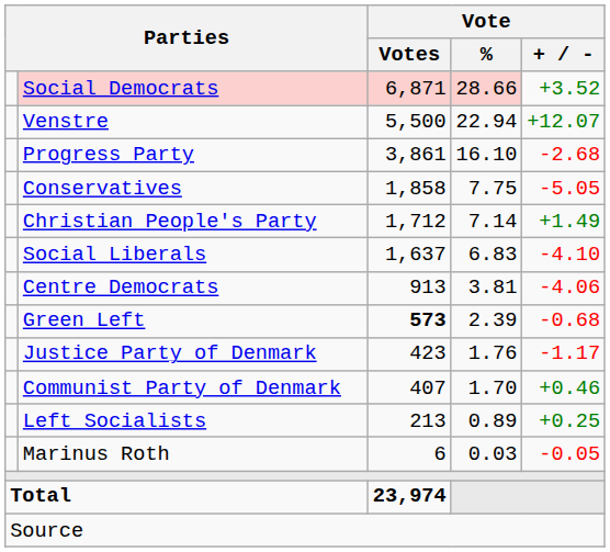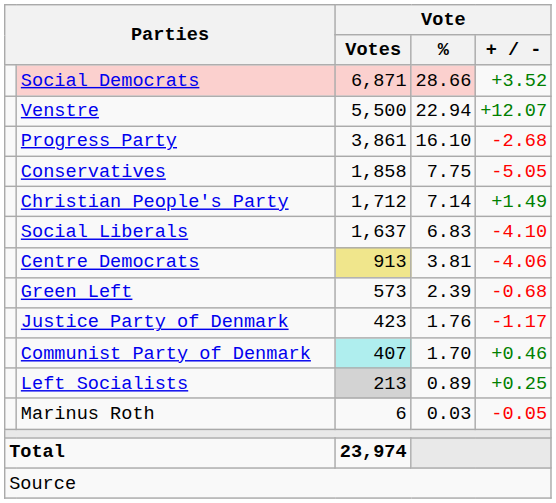 <table class="wikitable" style="text-align:right;">
 <tr>
 <th style="text-align:centre;" rowspan="2" colspan="2" width="225">Parties</th>
 <th colspan="3">Vote</th>
 </tr>
 <tr>
 <th width="15">Votes</th>
 <th width="15">%</th>
 <th width="15">+ / -</th>
 </tr>
 <tr>
 <td width="2" style="color:inherit;background:"></td>
 <td bgcolor=#fbd0ce  align="left"><a href='#'>Social Democrats</a></td>
 <td bgcolor=#fbd0ce>6,871</td>
 <td bgcolor=#fbd0ce>28.66</td>
 <td style=color:green;>+3.52</td>
 </tr>
 <tr>
 <td width="2" style="color:inherit;background:"></td>
 <td align="left"><a href='#'>Venstre</a></td>
 <td>5,500</td>
 <td>22.94</td>
 <td style=color:green;>+12.07</td>
 </tr>
 <tr>
 <td width="2" style="color:inherit;background:"></td>
 <td align="left"><a href='#'>Progress Party</a></td>
 <td>3,861</td>
 <td>16.10</td>
 <td style=color:red;>-2.68</td>
 </tr>
 <tr>
 <td width="2" style="color:inherit;background:"></td>
 <td align="left"><a href='#'>Conservatives</a></td>
 <td>1,858</td>
 <td>7.75</td>
 <td style=color:red;>-5.05</td>
 </tr>
 <tr>
 <td width="2" style="color:inherit;background:"></td>
 <td align="left"><a href='#'>Christian People's Party</a></td>
 <td>1,712</td>
 <td>7.14</td>
 <td style=color:green;>+1.49</td>
 </tr>
 <tr>
 <td width="2" style="color:inherit;background:"></td>
 <td align="left"><a href='#'>Social Liberals</a></td>
 <td>1,637</td>
 <td>6.83</td>
 <td style=color:red;>-4.10</td>
 </tr>
 <tr>
 <td width="2" style="color:inherit;background:"></td>
 <td align="left"><a href='#'>Centre Democrats</a></td>
-<td>913</td>
+<td style="background: khaki;">913</td>
 <td>3.81</td>
 <td style=color:red;>-4.06</td>
 </tr>
 <tr>
 <td width="2" style="color:inherit;background:"></td>
 <td align="left"><a href='#'>Green Left</a></td>
-<td><strong>573</strong></td>
+<td>573</td>
 <td>2.39</td>
 <td style=color:red;>-0.68</td>
 </tr>
 <tr>
 <td width="2" style="color:inherit;background:"></td>
 <td align="left"><a href='#'>Justice Party of Denmark</a></td>
 <td>423</td>
 <td>1.76</td>
 <td style=color:red;>-1.17</td>
 </tr>
 <tr>
 <td width="2" style="color:inherit;background:"></td>
 <td align="left"><a href='#'>Communist Party of Denmark</a></td>
-<td>407</td>
+<td style="background: paleturquoise;">407</td>
 <td>1.70</td>
 <td style=color:green;>+0.46</td>
 </tr>
 <tr>
 <td width="2" style="color:inherit;background:"></td>
 <td align="left"><a href='#'>Left Socialists</a></td>
-<td>213</td>
+<td style="background: lightgrey;">213</td>
 <td>0.89</td>
 <td style=color:green;>+0.25</td>
 </tr>
 <tr>
 <td width="2" style="color:inherit;background:"></td>
 <td align="left">Marinus Roth</td>
 <td>6</td>
 <td>0.03</td>
 <td style=color:red;>-0.05</td>
 </tr>
 <tr>
 <td colspan="7" bgcolor="#E9E9E9"></td>
 </tr>
 <tr>
 <td align="left" colspan="2"><strong>Total</strong></td>
 <td><strong>23,974</strong></td>
 <td bgcolor="#E9E9E9" colspan="2"></td>
 </tr>
 <tr>
 <td align="left" colspan="6">Source</td>
 </tr>
 </table>
